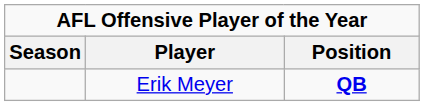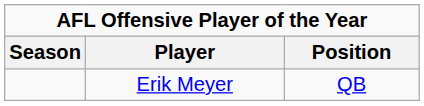 <table class="wikitable sortable" style="text-align:center">
 <tr>
 <td colspan="4"><strong>AFL Offensive Player of the Year</strong></td>
 </tr>
 <tr>
 <th style="width:50px; ">Season</th>
 <th style="width:150px; ">Player</th>
 <th style="width:100px; ">Position</th>
 </tr>
 <tr>
 <td></td>
 <td><a href='#'>Erik Meyer</a></td>
-<td><strong><a href='#'>QB</a></strong></td>
+<td><a href='#'>QB</a></td>
 </tr>
 </table>
